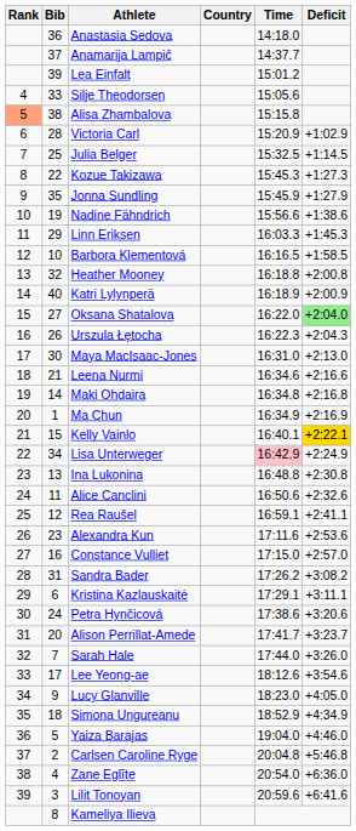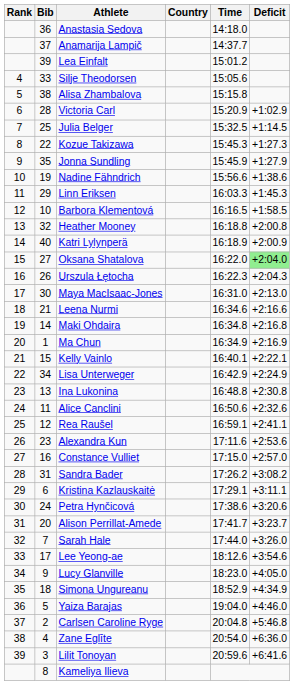 <table class="wikitable sortable" style="text-align:center">
 <tr>
 <th>Rank</th>
 <th>Bib</th>
 <th>Athlete</th>
 <th>Country</th>
 <th>Time</th>
 <th>Deficit</th>
 </tr>
 <tr>
 <td></td>
 <td>36</td>
 <td align=left><a href='#'>Anastasia Sedova</a></td>
 <td align=left></td>
 <td>14:18.0</td>
 <td></td>
 </tr>
 <tr>
 <td></td>
 <td>37</td>
 <td align=left><a href='#'>Anamarija Lampič</a></td>
 <td align=left></td>
 <td>14:37.7</td>
 <td></td>
 </tr>
 <tr>
 <td></td>
 <td>39</td>
 <td align=left><a href='#'>Lea Einfalt</a></td>
 <td align=left></td>
 <td>15:01.2</td>
 <td></td>
 </tr>
 <tr>
 <td>4</td>
 <td>33</td>
 <td align=left><a href='#'>Silje Theodorsen</a></td>
 <td align=left></td>
 <td>15:05.6</td>
 <td></td>
 </tr>
 <tr>
-<td style="background: lightsalmon;">5</td>
+<td>5</td>
 <td>38</td>
 <td align=left><a href='#'>Alisa Zhambalova</a></td>
 <td align=left></td>
 <td>15:15.8</td>
 <td></td>
 </tr>
 <tr>
 <td>6</td>
 <td>28</td>
 <td align=left><a href='#'>Victoria Carl</a></td>
 <td align=left></td>
 <td>15:20.9</td>
 <td>+1:02.9</td>
 </tr>
 <tr>
 <td>7</td>
 <td>25</td>
 <td align=left><a href='#'>Julia Belger</a></td>
 <td align=left></td>
 <td>15:32.5</td>
 <td>+1:14.5</td>
 </tr>
 <tr>
 <td>8</td>
 <td>22</td>
 <td align=left><a href='#'>Kozue Takizawa</a></td>
 <td align=left></td>
 <td>15:45.3</td>
 <td>+1:27.3</td>
 </tr>
 <tr>
 <td>9</td>
 <td>35</td>
 <td align=left><a href='#'>Jonna Sundling</a></td>
 <td align=left></td>
 <td>15:45.9</td>
 <td>+1:27.9</td>
 </tr>
 <tr>
 <td>10</td>
 <td>19</td>
 <td align=left><a href='#'>Nadine Fähndrich</a></td>
 <td align=left></td>
 <td>15:56.6</td>
 <td>+1:38.6</td>
 </tr>
 <tr>
 <td>11</td>
 <td>29</td>
 <td align=left><a href='#'>Linn Eriksen</a></td>
 <td align=left></td>
 <td>16:03.3</td>
 <td>+1:45.3</td>
 </tr>
 <tr>
 <td>12</td>
 <td>10</td>
 <td align=left><a href='#'>Barbora Klementová </a></td>
 <td align=left></td>
 <td>16:16.5</td>
 <td>+1:58.5</td>
 </tr>
 <tr>
 <td>13</td>
 <td>32</td>
 <td align=left><a href='#'>Heather Mooney</a></td>
 <td align=left></td>
 <td>16:18.8</td>
 <td>+2:00.8</td>
 </tr>
 <tr>
 <td>14</td>
 <td>40</td>
 <td align=left><a href='#'>Katri Lylynperä</a></td>
 <td align=left></td>
 <td>16:18.9</td>
 <td>+2:00.9</td>
 </tr>
 <tr>
 <td>15</td>
 <td>27</td>
 <td align=left><a href='#'>Oksana Shatalova</a></td>
 <td align=left></td>
 <td>16:22.0</td>
 <td style="background: lightgreen;">+2:04.0</td>
 </tr>
 <tr>
 <td>16</td>
 <td>26</td>
 <td align=left><a href='#'>Urszula Łętocha</a></td>
 <td align=left></td>
 <td>16:22.3</td>
 <td>+2:04.3</td>
 </tr>
 <tr>
 <td>17</td>
 <td>30</td>
 <td align=left><a href='#'>Maya MacIsaac-Jones</a></td>
 <td align=left></td>
 <td>16:31.0</td>
 <td>+2:13.0</td>
 </tr>
 <tr>
 <td>18</td>
 <td>21</td>
 <td align=left><a href='#'>Leena Nurmi</a></td>
 <td align=left></td>
 <td>16:34.6</td>
 <td>+2:16.6</td>
 </tr>
 <tr>
 <td>19</td>
 <td>14</td>
 <td align=left><a href='#'>Maki Ohdaira</a></td>
 <td align=left></td>
 <td>16:34.8</td>
 <td>+2:16.8</td>
 </tr>
 <tr>
 <td>20</td>
 <td>1</td>
 <td align=left><a href='#'>Ma Chun</a></td>
 <td align=left></td>
 <td>16:34.9</td>
 <td>+2:16.9</td>
 </tr>
 <tr>
 <td>21</td>
 <td>15</td>
 <td align=left><a href='#'>Kelly Vainlo</a></td>
 <td align=left></td>
 <td>16:40.1</td>
-<td style="background: gold;">+2:22.1</td>
+<td>+2:22.1</td>
 </tr>
 <tr>
 <td>22</td>
 <td>34</td>
 <td align=left><a href='#'>Lisa Unterweger</a></td>
 <td align=left></td>
-<td style="background: pink;">16:42.9</td>
+<td>16:42.9</td>
 <td>+2:24.9</td>
 </tr>
 <tr>
 <td>23</td>
 <td>13</td>
 <td align=left><a href='#'>Ina Lukonina</a></td>
 <td align=left></td>
 <td>16:48.8</td>
 <td>+2:30.8</td>
 </tr>
 <tr>
 <td>24</td>
 <td>11</td>
 <td align=left><a href='#'>Alice Canclini</a></td>
 <td align=left></td>
 <td>16:50.6</td>
 <td>+2:32.6</td>
 </tr>
 <tr>
 <td>25</td>
 <td>12</td>
 <td align=left><a href='#'>Rea Raušel</a></td>
 <td align=left></td>
 <td>16:59.1</td>
 <td>+2:41.1</td>
 </tr>
 <tr>
 <td>26</td>
 <td>23</td>
 <td align=left><a href='#'>Alexandra Kun</a></td>
 <td align=left></td>
 <td>17:11.6</td>
 <td>+2:53.6</td>
 </tr>
 <tr>
 <td>27</td>
 <td>16</td>
 <td align=left><a href='#'>Constance Vulliet</a></td>
 <td align=left></td>
 <td>17:15.0</td>
 <td>+2:57.0</td>
 </tr>
 <tr>
 <td>28</td>
 <td>31</td>
 <td align=left><a href='#'>Sandra Bader</a></td>
 <td align=left></td>
 <td>17:26.2</td>
 <td>+3:08.2</td>
 </tr>
 <tr>
 <td>29</td>
 <td>6</td>
 <td align=left><a href='#'>Kristina Kazlauskaitė</a></td>
 <td align=left></td>
 <td>17:29.1</td>
 <td>+3:11.1</td>
 </tr>
 <tr>
 <td>30</td>
 <td>24</td>
 <td align=left><a href='#'>Petra Hynčicová</a></td>
 <td align=left></td>
 <td>17:38.6</td>
 <td>+3:20.6</td>
 </tr>
 <tr>
 <td>31</td>
 <td>20</td>
 <td align=left><a href='#'>Alison Perrillat-Amede</a></td>
 <td align=left></td>
 <td>17:41.7</td>
 <td>+3:23.7</td>
 </tr>
 <tr>
 <td>32</td>
 <td>7</td>
 <td align=left><a href='#'>Sarah Hale</a></td>
 <td align=left></td>
 <td>17:44.0</td>
 <td>+3:26.0</td>
 </tr>
 <tr>
 <td>33</td>
 <td>17</td>
 <td align=left><a href='#'>Lee Yeong-ae</a></td>
 <td align=left></td>
 <td>18:12.6</td>
 <td>+3:54.6</td>
 </tr>
 <tr>
 <td>34</td>
 <td>9</td>
 <td align=left><a href='#'>Lucy Glanville</a></td>
 <td align=left></td>
 <td>18:23.0</td>
 <td>+4:05.0</td>
 </tr>
 <tr>
 <td>35</td>
 <td>18</td>
 <td align=left><a href='#'>Simona Ungureanu</a></td>
 <td align=left></td>
 <td>18:52.9</td>
 <td>+4:34.9</td>
 </tr>
 <tr>
 <td>36</td>
 <td>5</td>
 <td align=left><a href='#'>Yaiza Barajas</a></td>
 <td align=left></td>
 <td>19:04.0</td>
 <td>+4:46.0</td>
 </tr>
 <tr>
 <td>37</td>
 <td>2</td>
 <td align=left><a href='#'>Carlsen Caroline Ryge</a></td>
 <td align=left></td>
 <td>20:04.8</td>
 <td>+5:46.8</td>
 </tr>
 <tr>
 <td>38</td>
 <td>4</td>
 <td align=left><a href='#'>Zane Eglīte</a></td>
 <td align=left></td>
 <td>20:54.0</td>
 <td>+6:36.0</td>
 </tr>
 <tr>
 <td>39</td>
 <td>3</td>
 <td align=left><a href='#'>Lilit Tonoyan</a></td>
 <td align=left></td>
 <td>20:59.6</td>
 <td>+6:41.6</td>
 </tr>
 <tr>
 <td></td>
 <td>8</td>
 <td align=left><a href='#'>Kameliya Ilieva</a></td>
 <td align=left></td>
 <td colspan=2></td>
 </tr>
 </table>
